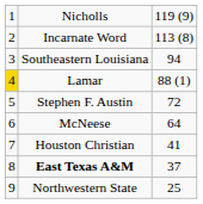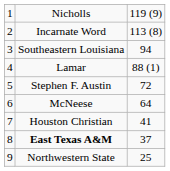 <table class="wikitable">
 <tr align="center">
 <td>1</td>
 <td>Nicholls</td>
 <td>119 (9)</td>
 </tr>
 <tr align="center">
 <td>2</td>
 <td>Incarnate Word</td>
 <td>113 (8)</td>
 </tr>
 <tr align="center">
 <td>3</td>
 <td>Southeastern Louisiana</td>
 <td>94</td>
 </tr>
 <tr align="center">
-<td style="background: gold;">4</td>
+<td>4</td>
 <td>Lamar</td>
 <td>88 (1)</td>
 </tr>
 <tr align="center">
 <td>5</td>
 <td>Stephen F. Austin</td>
 <td>72</td>
 </tr>
 <tr align="center">
 <td>6</td>
 <td>McNeese</td>
 <td>64</td>
 </tr>
 <tr align="center">
 <td>7</td>
 <td>Houston Christian</td>
 <td>41</td>
 </tr>
 <tr align="center">
 <td>8</td>
 <td><strong>East Texas A&M</strong></td>
 <td>37</td>
 </tr>
 <tr align="center">
 <td>9</td>
 <td>Northwestern State</td>
 <td>25</td>
 </tr>
 </table>
